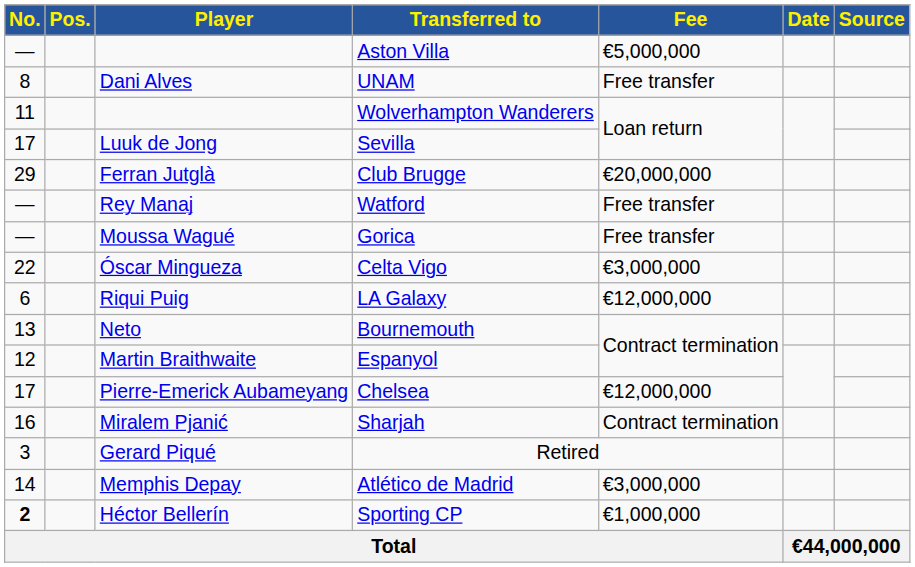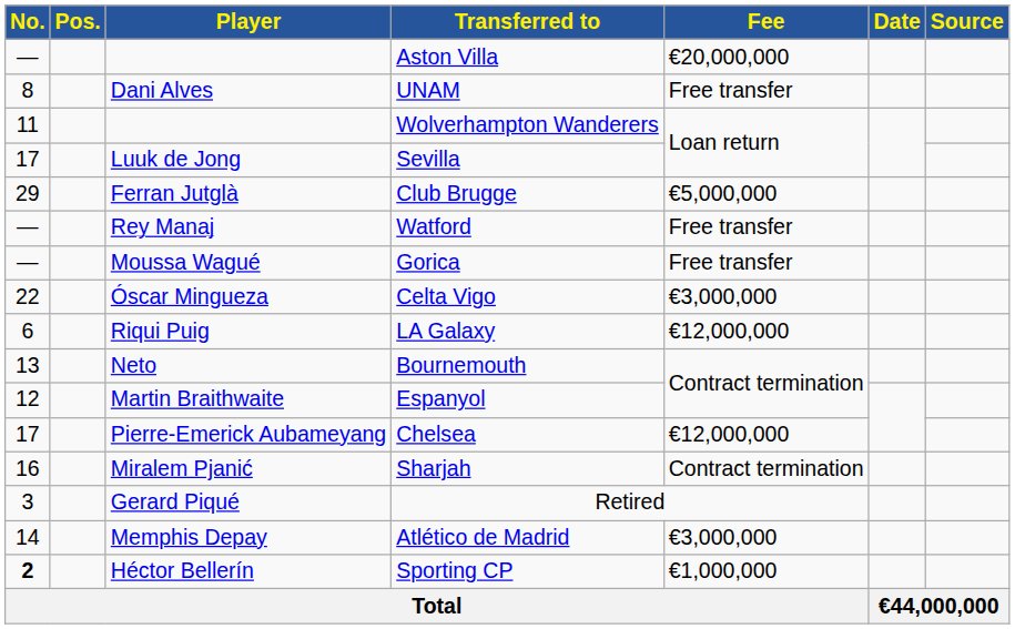 <table class="wikitable plainrowheaders sortable">
 <tr>
 <th style="background:#26559B; color:#FFF000; ">No.</th>
 <th style="background:#26559B; color:#FFF000; ">Pos.</th>
 <th style="background:#26559B; color:#FFF000; ">Player</th>
 <th style="background:#26559B; color:#FFF000; ">Transferred to</th>
 <th style="background:#26559B; color:#FFF000; ">Fee</th>
 <th style="background:#26559B; color:#FFF000; ">Date</th>
 <th style="background:#26559B; color:#FFF000; ">Source</th>
 </tr>
 <tr>
 <td align=center>—</td>
 <td align=center></td>
 <td></td>
 <td> <a href='#'>Aston Villa</a></td>
-<td>€5,000,000</td>
+<td>€20,000,000</td>
 <td></td>
 <td></td>
 </tr>
 <tr>
 <td align=center>8</td>
 <td align=center></td>
 <td> <a href='#'>Dani Alves</a></td>
 <td> <a href='#'>UNAM</a></td>
 <td>Free transfer</td>
 <td></td>
 <td></td>
 </tr>
 <tr>
 <td align=center>11</td>
 <td align=center></td>
 <td></td>
 <td> <a href='#'>Wolverhampton Wanderers</a></td>
 <td rowspan=2>Loan return</td>
 <td rowspan=2></td>
 <td></td>
 </tr>
 <tr>
 <td align=center>17</td>
 <td align=center></td>
 <td> <a href='#'>Luuk de Jong</a></td>
 <td><a href='#'>Sevilla</a></td>
 <td></td>
 </tr>
 <tr>
 <td align=center>29</td>
 <td align=center></td>
 <td> <a href='#'>Ferran Jutglà</a></td>
 <td> <a href='#'>Club Brugge</a></td>
-<td>€20,000,000</td>
+<td>€5,000,000</td>
 <td></td>
 <td></td>
 </tr>
 <tr>
 <td align=center>—</td>
 <td align=center></td>
 <td> <a href='#'>Rey Manaj</a></td>
 <td> <a href='#'>Watford</a></td>
 <td>Free transfer</td>
 <td></td>
 <td></td>
 </tr>
 <tr>
 <td align=center>—</td>
 <td align=center></td>
 <td> <a href='#'>Moussa Wagué</a></td>
 <td> <a href='#'>Gorica</a></td>
 <td>Free transfer</td>
 <td></td>
 <td></td>
 </tr>
 <tr>
 <td align=center>22</td>
 <td align=center></td>
 <td> <a href='#'>Óscar Mingueza</a></td>
 <td><a href='#'>Celta Vigo</a></td>
 <td>€3,000,000</td>
 <td></td>
 <td></td>
 </tr>
 <tr>
 <td align=center>6</td>
 <td align=center></td>
 <td> <a href='#'>Riqui Puig</a></td>
 <td> <a href='#'>LA Galaxy</a></td>
 <td>€12,000,000</td>
 <td></td>
 <td></td>
 </tr>
 <tr>
 <td align=center>13</td>
 <td align=center></td>
 <td> <a href='#'>Neto</a></td>
 <td> <a href='#'>Bournemouth</a></td>
 <td rowspan=2>Contract termination</td>
 <td></td>
 <td></td>
 </tr>
 <tr>
 <td align=center>12</td>
 <td align=center></td>
 <td> <a href='#'>Martin Braithwaite</a></td>
 <td><a href='#'>Espanyol</a></td>
 <td rowspan=2></td>
 <td></td>
 </tr>
 <tr>
 <td align=center>17</td>
 <td align=center></td>
 <td> <a href='#'>Pierre-Emerick Aubameyang</a></td>
 <td> <a href='#'>Chelsea</a></td>
 <td>€12,000,000</td>
 <td></td>
 </tr>
 <tr>
 <td align=center>16</td>
 <td align=center></td>
 <td> <a href='#'>Miralem Pjanić</a></td>
 <td> <a href='#'>Sharjah</a></td>
 <td>Contract termination</td>
 <td></td>
 <td></td>
 </tr>
 <tr>
 <td align=center>3</td>
 <td align=center></td>
 <td> <a href='#'>Gerard Piqué</a></td>
 <td align=center colspan="2">Retired</td>
 <td></td>
 <td></td>
 </tr>
 <tr>
 <td align=center>14</td>
 <td align=center></td>
 <td> <a href='#'>Memphis Depay</a></td>
 <td> <a href='#'>Atlético de Madrid</a></td>
 <td>€3,000,000</td>
 <td></td>
 <td></td>
 </tr>
 <tr>
 <td align=center><strong>2</strong></td>
 <td align=center></td>
 <td> <a href='#'>Héctor Bellerín</a></td>
 <td> <a href='#'>Sporting CP</a></td>
 <td>€1,000,000</td>
 <td></td>
 <td></td>
 </tr>
 <tr>
 <th colspan="5">Total</th>
 <th colspan="2">€44,000,000</th>
 </tr>
 </table>
